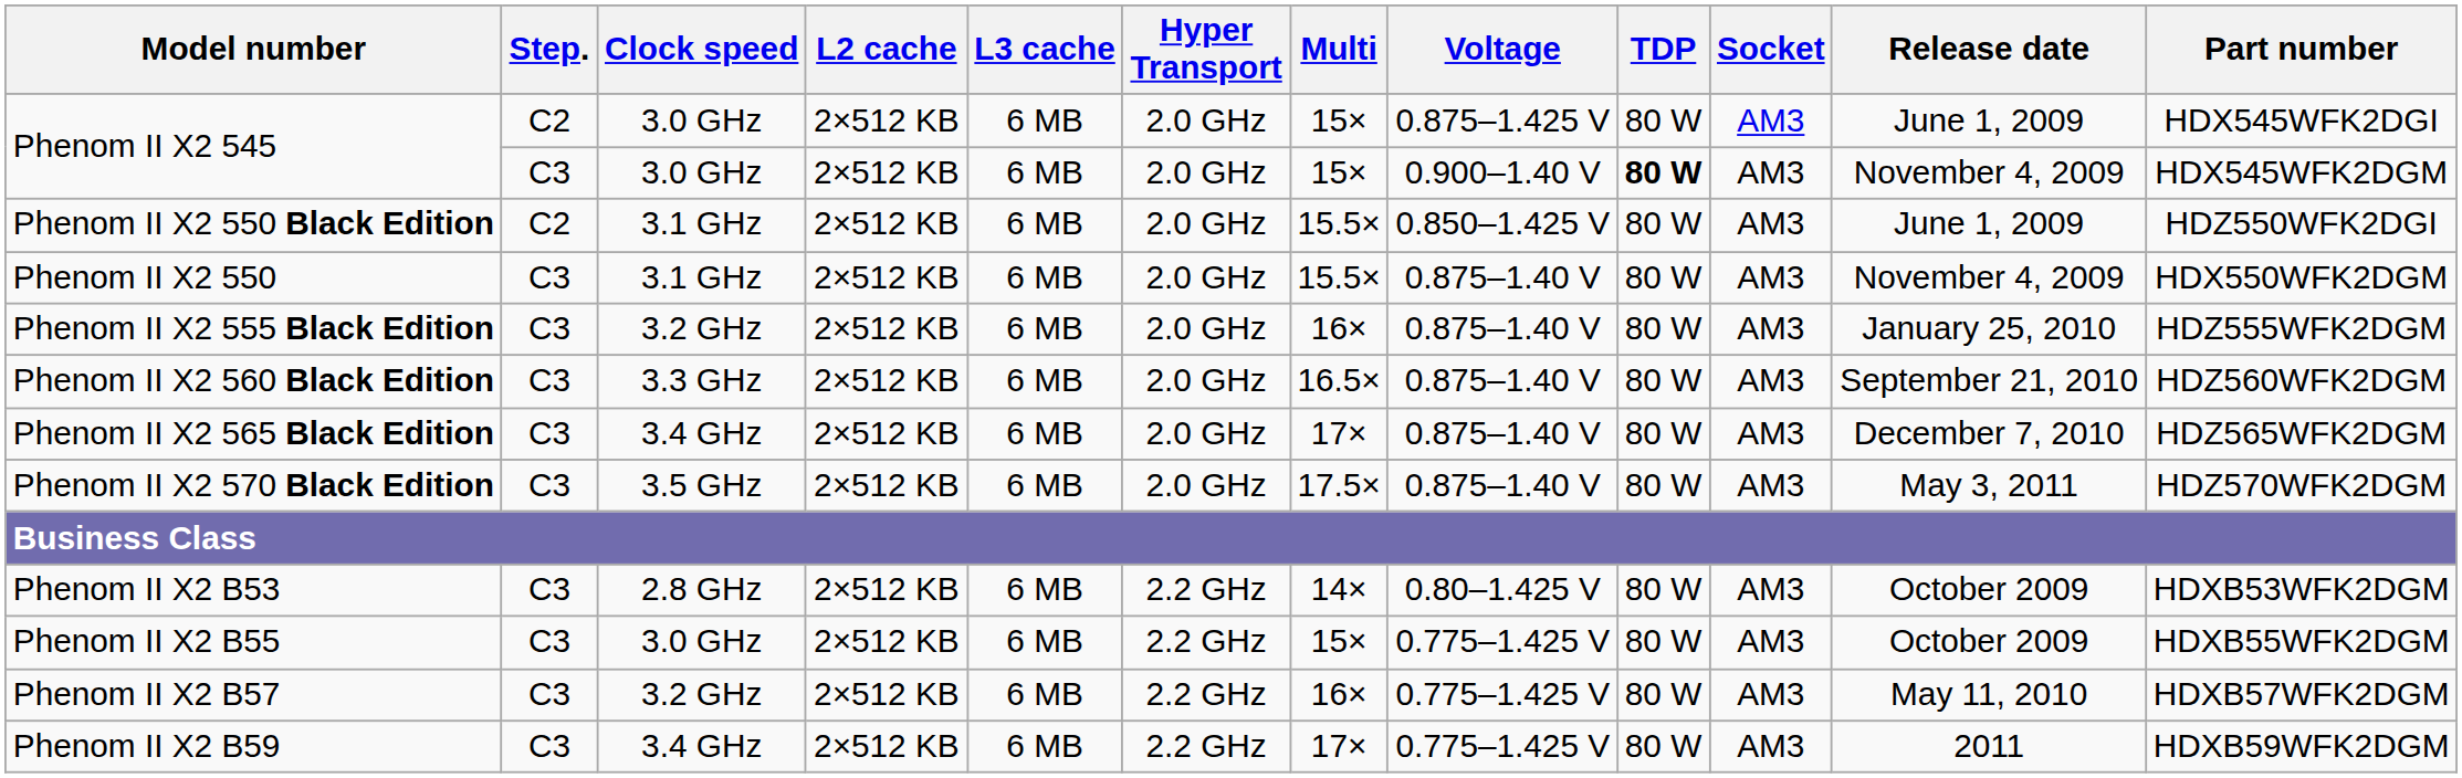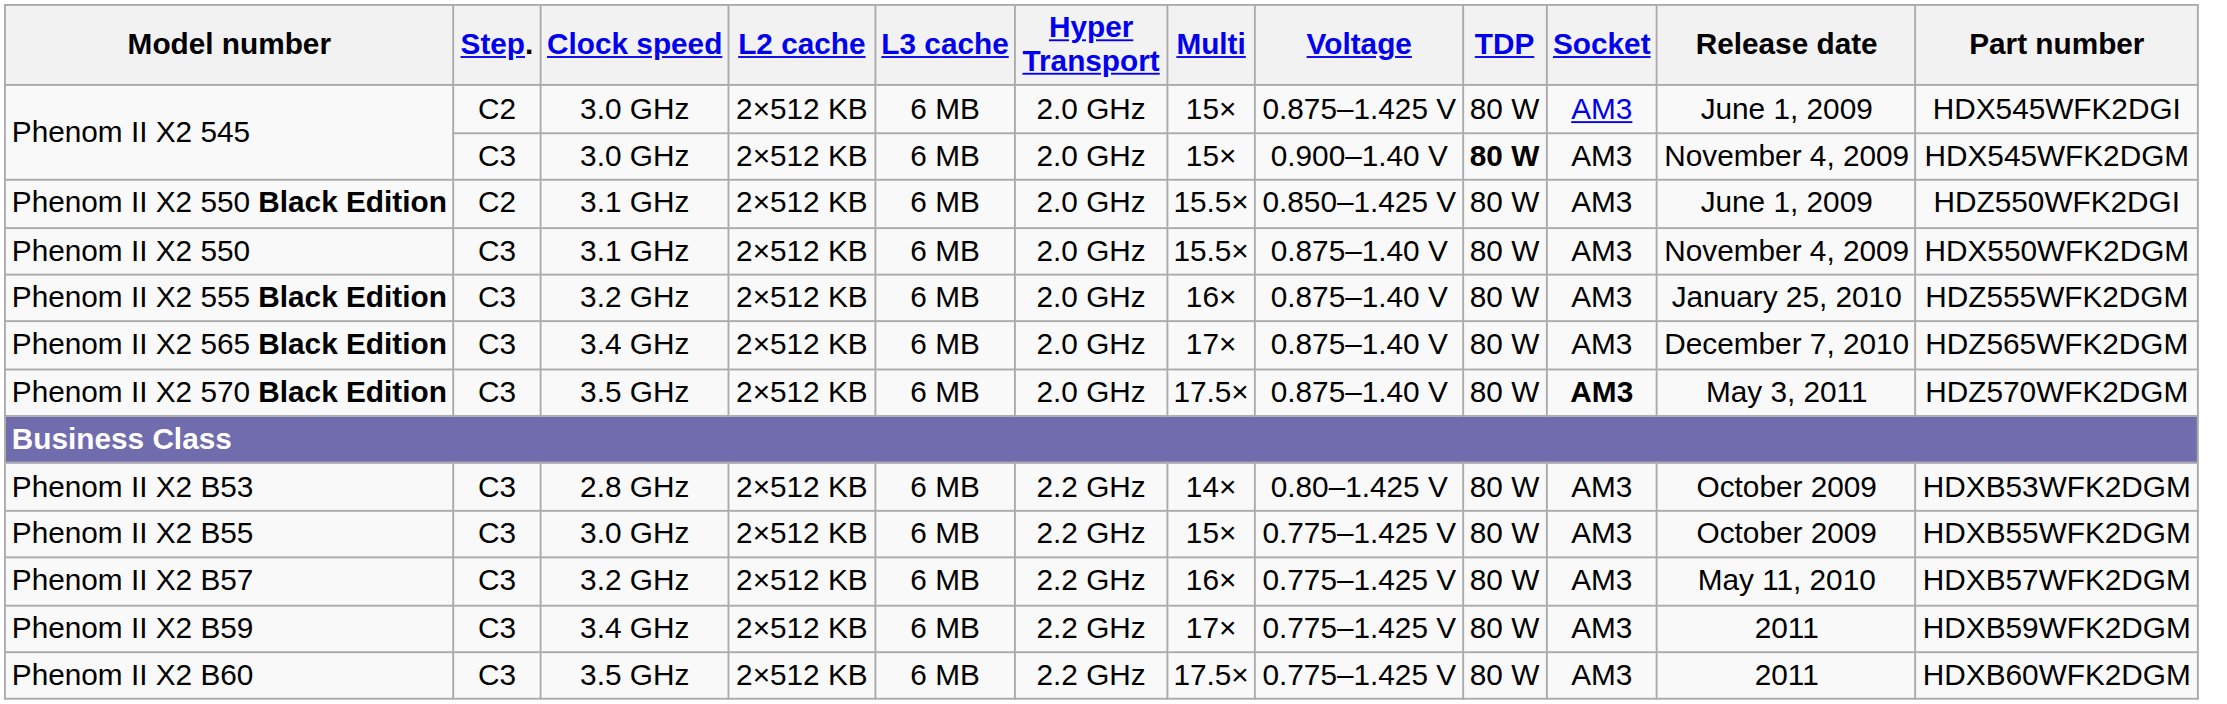 <table class="wikitable" style="text-align: center">
 <tr>
 <th>Model number</th>
 <th><a href='#'>Step</a>.</th>
 <th><a href='#'>Clock speed</a></th>
 <th><a href='#'>L2 cache</a></th>
 <th><a href='#'>L3 cache</a></th>
 <th><a href='#'>Hyper<br>Transport</a></th>
 <th><a href='#'>Multi</a></th>
 <th><a href='#'>Voltage</a></th>
 <th><a href='#'>TDP</a></th>
 <th><a href='#'>Socket</a></th>
 <th>Release date</th>
 <th>Part number</th>
 </tr>
 <tr>
 <td style="text-align:left"  rowspan="2">Phenom II X2 545</td>
 <td>C2</td>
 <td>3.0 GHz</td>
 <td style="white-space: nowrap;">2×512 KB</td>
 <td>6 MB</td>
 <td>2.0 GHz</td>
 <td>15×</td>
 <td>0.875–1.425 V</td>
 <td style="white-space: nowrap;">80 W</td>
 <td><a href='#'>AM3</a></td>
 <td>June 1, 2009</td>
 <td>HDX545WFK2DGI</td>
 </tr>
 <tr>
 <td>C3</td>
 <td>3.0 GHz</td>
 <td>2×512 KB</td>
 <td>6 MB</td>
 <td>2.0 GHz</td>
 <td>15×</td>
 <td>0.900–1.40 V</td>
 <td><strong>80 W</strong></td>
 <td>AM3</td>
 <td>November 4, 2009</td>
 <td>HDX545WFK2DGM</td>
 </tr>
 <tr>
 <td style="text-align:left">Phenom II X2 550 <strong>Black Edition</strong></td>
 <td>C2</td>
 <td>3.1 GHz</td>
 <td>2×512 KB</td>
 <td>6 MB</td>
 <td>2.0 GHz</td>
 <td>15.5×</td>
 <td style="white-space: nowrap;">0.850–1.425 V</td>
 <td>80 W</td>
 <td>AM3</td>
 <td>June 1, 2009</td>
 <td>HDZ550WFK2DGI</td>
 </tr>
 <tr>
 <td style="text-align:left">Phenom II X2 550</td>
 <td>C3</td>
 <td>3.1 GHz</td>
 <td>2×512 KB</td>
 <td>6 MB</td>
 <td>2.0 GHz</td>
 <td>15.5×</td>
 <td>0.875–1.40 V</td>
 <td>80 W</td>
 <td>AM3</td>
 <td>November 4, 2009</td>
 <td>HDX550WFK2DGM</td>
 </tr>
 <tr>
 <td style="text-align:left">Phenom II X2 555 <strong>Black Edition</strong></td>
 <td>C3</td>
 <td>3.2 GHz</td>
 <td>2×512 KB</td>
 <td>6 MB</td>
 <td>2.0 GHz</td>
 <td>16×</td>
 <td>0.875–1.40 V</td>
 <td>80 W</td>
 <td>AM3</td>
 <td>January 25, 2010</td>
 <td>HDZ555WFK2DGM</td>
 </tr>
 <tr>
-<td style="text-align:left">Phenom II X2 560 <strong>Black Edition</strong></td>
-<td>C3</td>
-<td>3.3 GHz</td>
-<td>2×512 KB</td>
-<td>6 MB</td>
-<td>2.0 GHz</td>
-<td>16.5×</td>
-<td>0.875–1.40 V</td>
-<td>80 W</td>
-<td>AM3</td>
-<td>September 21, 2010</td>
-<td>HDZ560WFK2DGM</td>
-</tr>
-<tr>
 <td style="text-align:left">Phenom II X2 565 <strong>Black Edition</strong></td>
 <td>C3</td>
 <td>3.4 GHz</td>
 <td>2×512 KB</td>
 <td>6 MB</td>
 <td>2.0 GHz</td>
 <td>17×</td>
 <td>0.875–1.40 V</td>
 <td>80 W</td>
 <td>AM3</td>
 <td>December 7, 2010</td>
 <td>HDZ565WFK2DGM</td>
 </tr>
 <tr>
 <td style="text-align:left">Phenom II X2 570 <strong>Black Edition</strong></td>
 <td>C3</td>
 <td>3.5 GHz</td>
 <td>2×512 KB</td>
 <td>6 MB</td>
 <td>2.0 GHz</td>
 <td>17.5×</td>
 <td>0.875–1.40 V</td>
 <td>80 W</td>
-<td>AM3</td>
+<td><strong>AM3</strong></td>
 <td>May 3, 2011</td>
 <td>HDZ570WFK2DGM</td>
 </tr>
 <tr>
 <td style="text-align: left; background-color: #716cae; color: white;" colspan="12"><strong>Business Class</strong></td>
 </tr>
 <tr>
 <td style="text-align:left">Phenom II X2 B53</td>
 <td>C3</td>
 <td>2.8 GHz</td>
 <td>2×512 KB</td>
 <td>6 MB</td>
 <td>2.2 GHz</td>
 <td>14×</td>
 <td>0.80–1.425 V</td>
 <td>80 W</td>
 <td>AM3</td>
 <td>October 2009</td>
 <td>HDXB53WFK2DGM</td>
 </tr>
 <tr>
 <td style="text-align:left">Phenom II X2 B55</td>
 <td>C3</td>
 <td>3.0 GHz</td>
 <td>2×512 KB</td>
 <td>6 MB</td>
 <td>2.2 GHz</td>
 <td>15×</td>
 <td>0.775–1.425 V</td>
 <td>80 W</td>
 <td>AM3</td>
 <td>October 2009</td>
 <td>HDXB55WFK2DGM</td>
 </tr>
 <tr>
 <td style="text-align:left">Phenom II X2 B57</td>
 <td>C3</td>
 <td>3.2 GHz</td>
 <td>2×512 KB</td>
 <td>6 MB</td>
 <td>2.2 GHz</td>
 <td>16×</td>
 <td>0.775–1.425 V</td>
 <td>80 W</td>
 <td>AM3</td>
 <td>May 11, 2010</td>
 <td>HDXB57WFK2DGM</td>
 </tr>
 <tr>
 <td style="text-align:left">Phenom II X2 B59</td>
 <td>C3</td>
 <td>3.4 GHz</td>
 <td>2×512 KB</td>
 <td>6 MB</td>
 <td>2.2 GHz</td>
 <td>17×</td>
 <td>0.775–1.425 V</td>
 <td>80 W</td>
 <td>AM3</td>
 <td>2011</td>
 <td>HDXB59WFK2DGM</td>
 </tr>
+<tr>
+<td style="text-align:left">Phenom II X2 B60</td>
+<td>C3</td>
+<td>3.5 GHz</td>
+<td>2×512 KB</td>
+<td>6 MB</td>
+<td>2.2 GHz</td>
+<td>17.5×</td>
+<td>0.775–1.425 V</td>
+<td>80 W</td>
+<td>AM3</td>
+<td>2011</td>
+<td>HDXB60WFK2DGM</td>
+</tr>
 </table>
